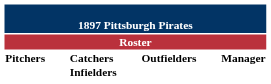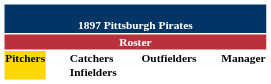 <table class="toccolours" style="font-size: 95%;">
 <tr>
 <th colspan="10" style="background-color: #023465; color: #FFFFFF; text-align: center;"><br>1897 Pittsburgh Pirates</th>
 </tr>
 <tr>
 <td colspan="10" style="background-color: #ba313c; color: white; text-align: center;"><strong>Roster</strong></td>
 </tr>
 <tr>
-<td valign="top"><strong>Pitchers</strong><br>    </td>
+<td valign="top" style="background: gold;"><strong>Pitchers</strong><br>    </td>
 <td width="25px"></td>
 <td valign="top"><strong>Catchers</strong><br>  <strong>Infielders</strong>        </td>
 <td width="25px"></td>
 <td valign="top"><strong>Outfielders</strong><br>    </td>
 <td width="25px"></td>
 <td valign="top"><strong>Manager</strong><br></td>
 </tr>
 </table>
